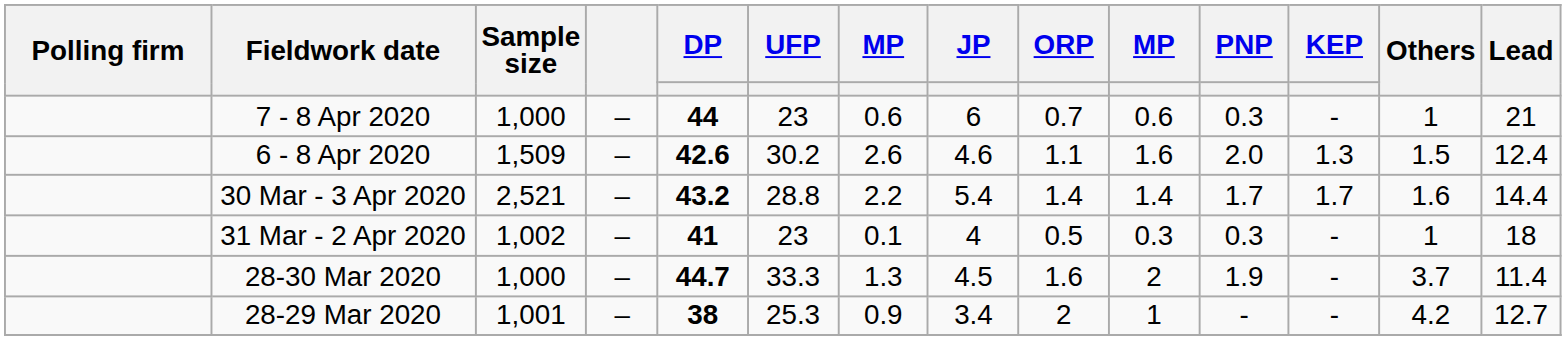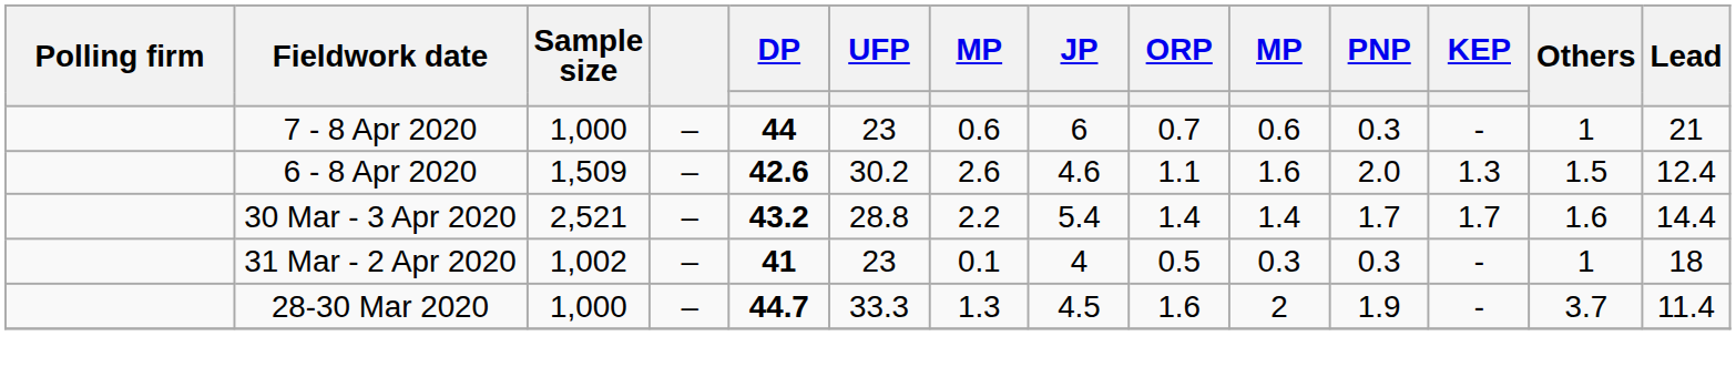 <table class="wikitable sortable" style="text-align:center;font-size:90%;line-height:14px;">
 <tr style="height:40px;">
 <th style="width:100px;" rowspan="2">Polling firm</th>
 <th style="width:130px;" rowspan="2">Fieldwork date</th>
 <th style="width:35px;" rowspan="2">Sample<br>size</th>
 <th style="width:30px;" rowspan="2"></th>
 <th class="unsortable" style="width:40px;"><a href='#'>DP</a></th>
 <th class="unsortable" style="width:40px;"><a href='#'>UFP</a></th>
 <th class="unsortable" style="width:40px;"><a href='#'>MP</a></th>
 <th class="unsortable" style="width:40px;"><a href='#'>JP</a></th>
 <th class="unsortable" style="width:40px;"><a href='#'>ORP</a></th>
 <th class="unsortable" style="width:40px;"><a href='#'>MP</a></th>
 <th class="unsortable" style="width:40px;"><a href='#'>PNP</a></th>
 <th class="unsortable" style="width:40px;"><a href='#'>KEP</a></th>
 <th class="unsortable" style="width:30px;" rowspan="2">Others</th>
 <th style="width:30px;" rowspan="2">Lead</th>
 </tr>
 <tr>
 <th style="background:"></th>
 <th style="background:"></th>
 <th style="background:"></th>
 <th style="background:"></th>
 <th style="background:"></th>
 <th style="background:"></th>
 <th style="background:"></th>
 <th style="background:"></th>
 </tr>
 <tr>
 <td></td>
 <td data-sort-value="2020-04-10">7 - 8 Apr 2020</td>
 <td>1,000</td>
 <td>–</td>
 <td><strong>44</strong></td>
 <td>23</td>
 <td>0.6</td>
 <td>6</td>
 <td>0.7</td>
 <td>0.6</td>
 <td>0.3</td>
 <td>-</td>
 <td>1</td>
 <td style="background:">21</td>
 </tr>
 <tr>
 <td></td>
 <td data-sort-value="2020-04-08">6 - 8 Apr 2020</td>
 <td>1,509</td>
 <td>–</td>
 <td><strong>42.6</strong></td>
 <td>30.2</td>
 <td>2.6</td>
 <td>4.6</td>
 <td>1.1</td>
 <td>1.6</td>
 <td>2.0</td>
 <td>1.3</td>
 <td>1.5</td>
 <td style="background:">12.4</td>
 </tr>
 <tr>
 <td></td>
 <td data-sort-value="2020-04-06">30 Mar - 3 Apr 2020</td>
 <td>2,521</td>
 <td>–</td>
 <td><strong>43.2</strong></td>
 <td>28.8</td>
 <td>2.2</td>
 <td>5.4</td>
 <td>1.4</td>
 <td>1.4</td>
 <td>1.7</td>
 <td>1.7</td>
 <td>1.6</td>
 <td style="background:">14.4</td>
 </tr>
 <tr>
 <td></td>
 <td data-sort-value="2020-04-02">31 Mar - 2 Apr 2020</td>
 <td>1,002</td>
 <td>–</td>
 <td><strong>41</strong></td>
 <td>23</td>
 <td>0.1</td>
 <td>4</td>
 <td>0.5</td>
 <td>0.3</td>
 <td>0.3</td>
 <td>-</td>
 <td>1</td>
 <td style="background:">18</td>
 </tr>
 <tr>
 <td></td>
 <td data-sort-value="2020-03-30">28-30 Mar 2020</td>
 <td>1,000</td>
 <td>–</td>
 <td><strong>44.7</strong></td>
 <td>33.3</td>
 <td>1.3</td>
 <td>4.5</td>
 <td>1.6</td>
 <td>2</td>
 <td>1.9</td>
 <td>-</td>
 <td>3.7</td>
 <td style="background:">11.4</td>
 </tr>
 <tr>
-<td></td>
-<td data-sort-value="2020-03-29">28-29 Mar 2020</td>
-<td>1,001</td>
-<td>–</td>
-<td><strong>38</strong></td>
-<td>25.3</td>
-<td>0.9</td>
-<td>3.4</td>
-<td>2</td>
-<td>1</td>
-<td>-</td>
-<td>-</td>
-<td>4.2</td>
-<td style="background:">12.7</td>
-</tr>
-<tr>
 </tr>
 </table>
